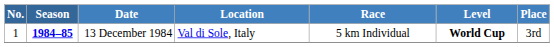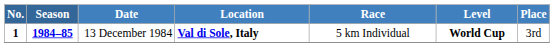 <table class="wikitable sortable" style="font-size:95%; text-align:center; border:grey solid 1px; border-collapse:collapse; background:#ffffff;">
 <tr style="background:#efefef;">
 <th style="background-color:#369; color:white;">No.</th>
 <th style="background-color:#369; color:white;">Season</th>
 <th style="background-color:#4180be; color:white; width:120px;">Date</th>
 <th style="background-color:#4180be; color:white; width:170px;">Location</th>
 <th style="background-color:#4180be; color:white; width:160px;">Race</th>
 <th style="background-color:#4180be; color:white; width:100px;">Level</th>
 <th style="background-color:#4180be; color:white;">Place</th>
 </tr>
 <tr>
-<td align=center>1</td>
+<td align=center><strong>1</strong></td>
 <td rowspan=1align=center><strong> <a href='#'>1984–85</a> </strong></td>
 <td align=right>13 December 1984</td>
-<td align=left> <a href='#'>Val di Sole</a>, Italy</td>
+<td align=left><strong> <a href='#'>Val di Sole</a>, Italy</strong></td>
 <td>5 km Individual</td>
 <td><strong>World Cup</strong></td>
 <td>3rd</td>
 </tr>
 <tr>
 </tr>
 </table>
